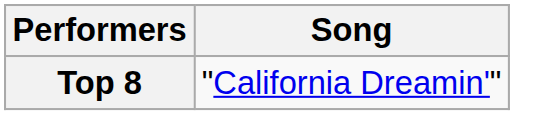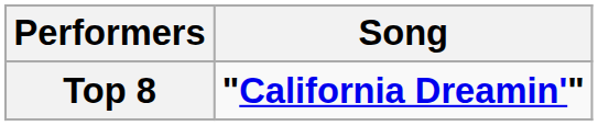 <table class="wikitable unsortable" style="text-align:center;">
 <tr>
 <th scope="col">Performers</th>
 <th scope="col">Song</th>
 </tr>
 <tr>
 <th scope="row">Top 8</th>
-<td>"<a href='#'>California Dreamin'</a>"</td>
+<td><strong>"<a href='#'>California Dreamin'</a>"</strong></td>
 </tr>
 </table>
